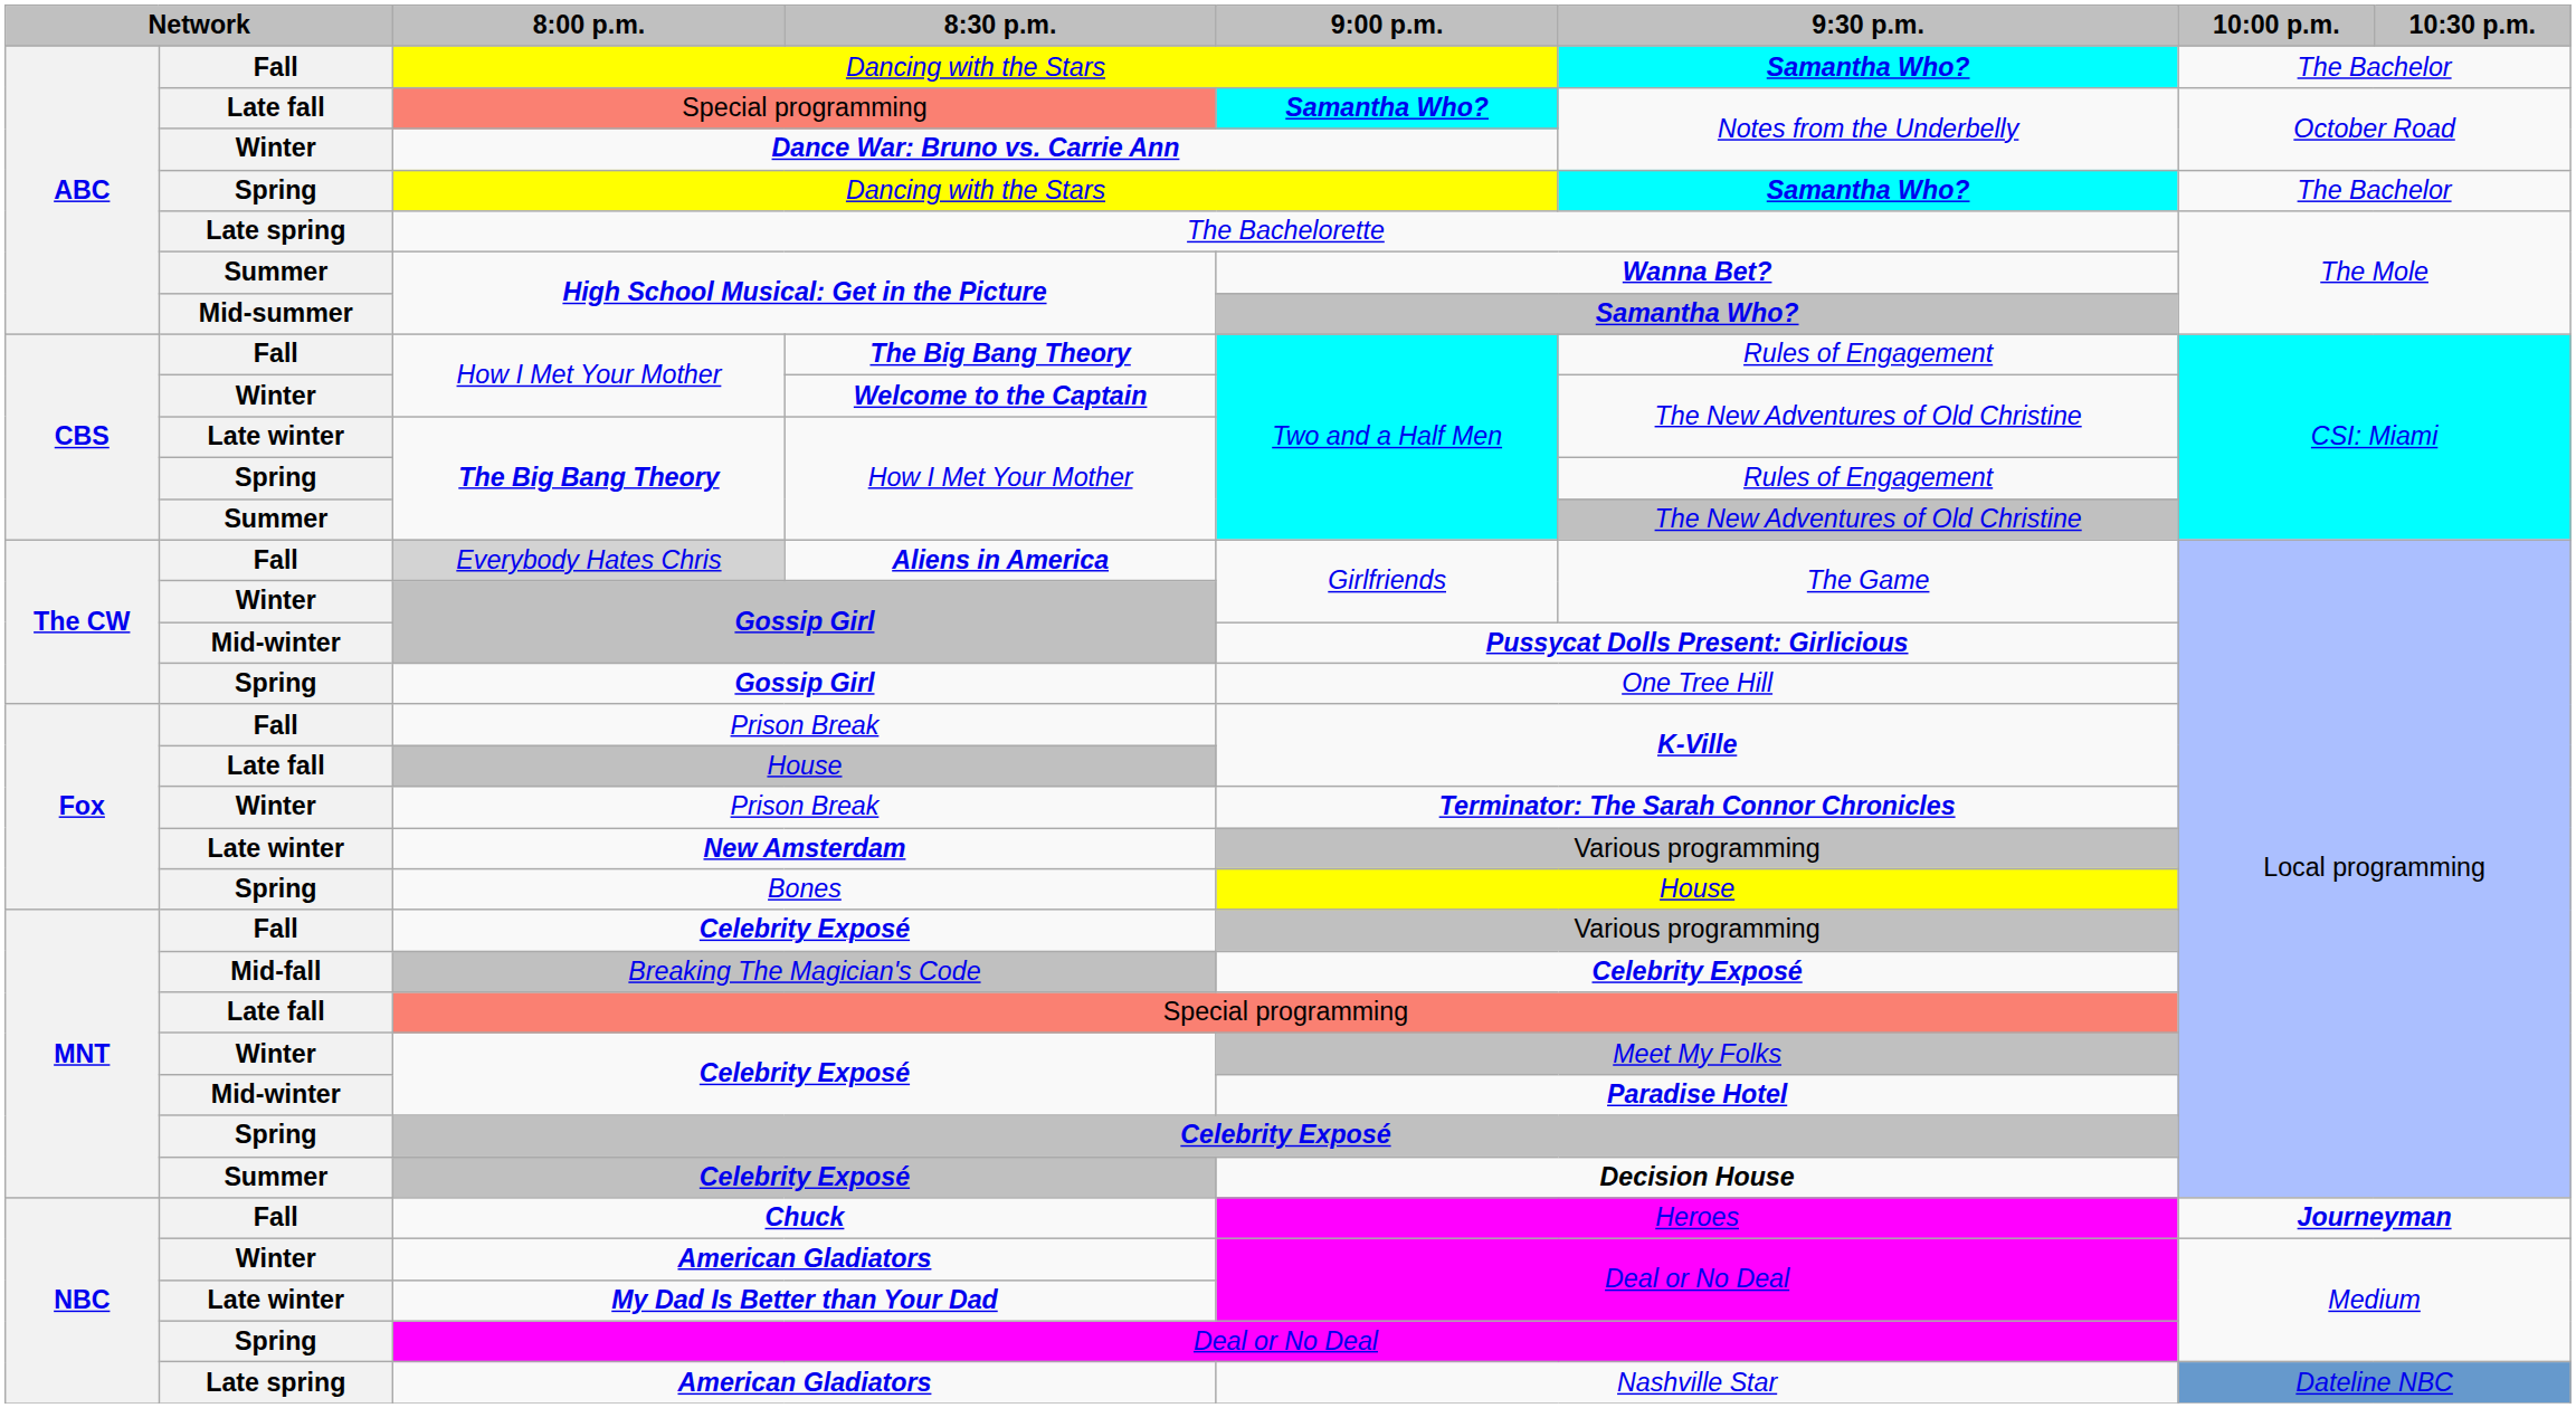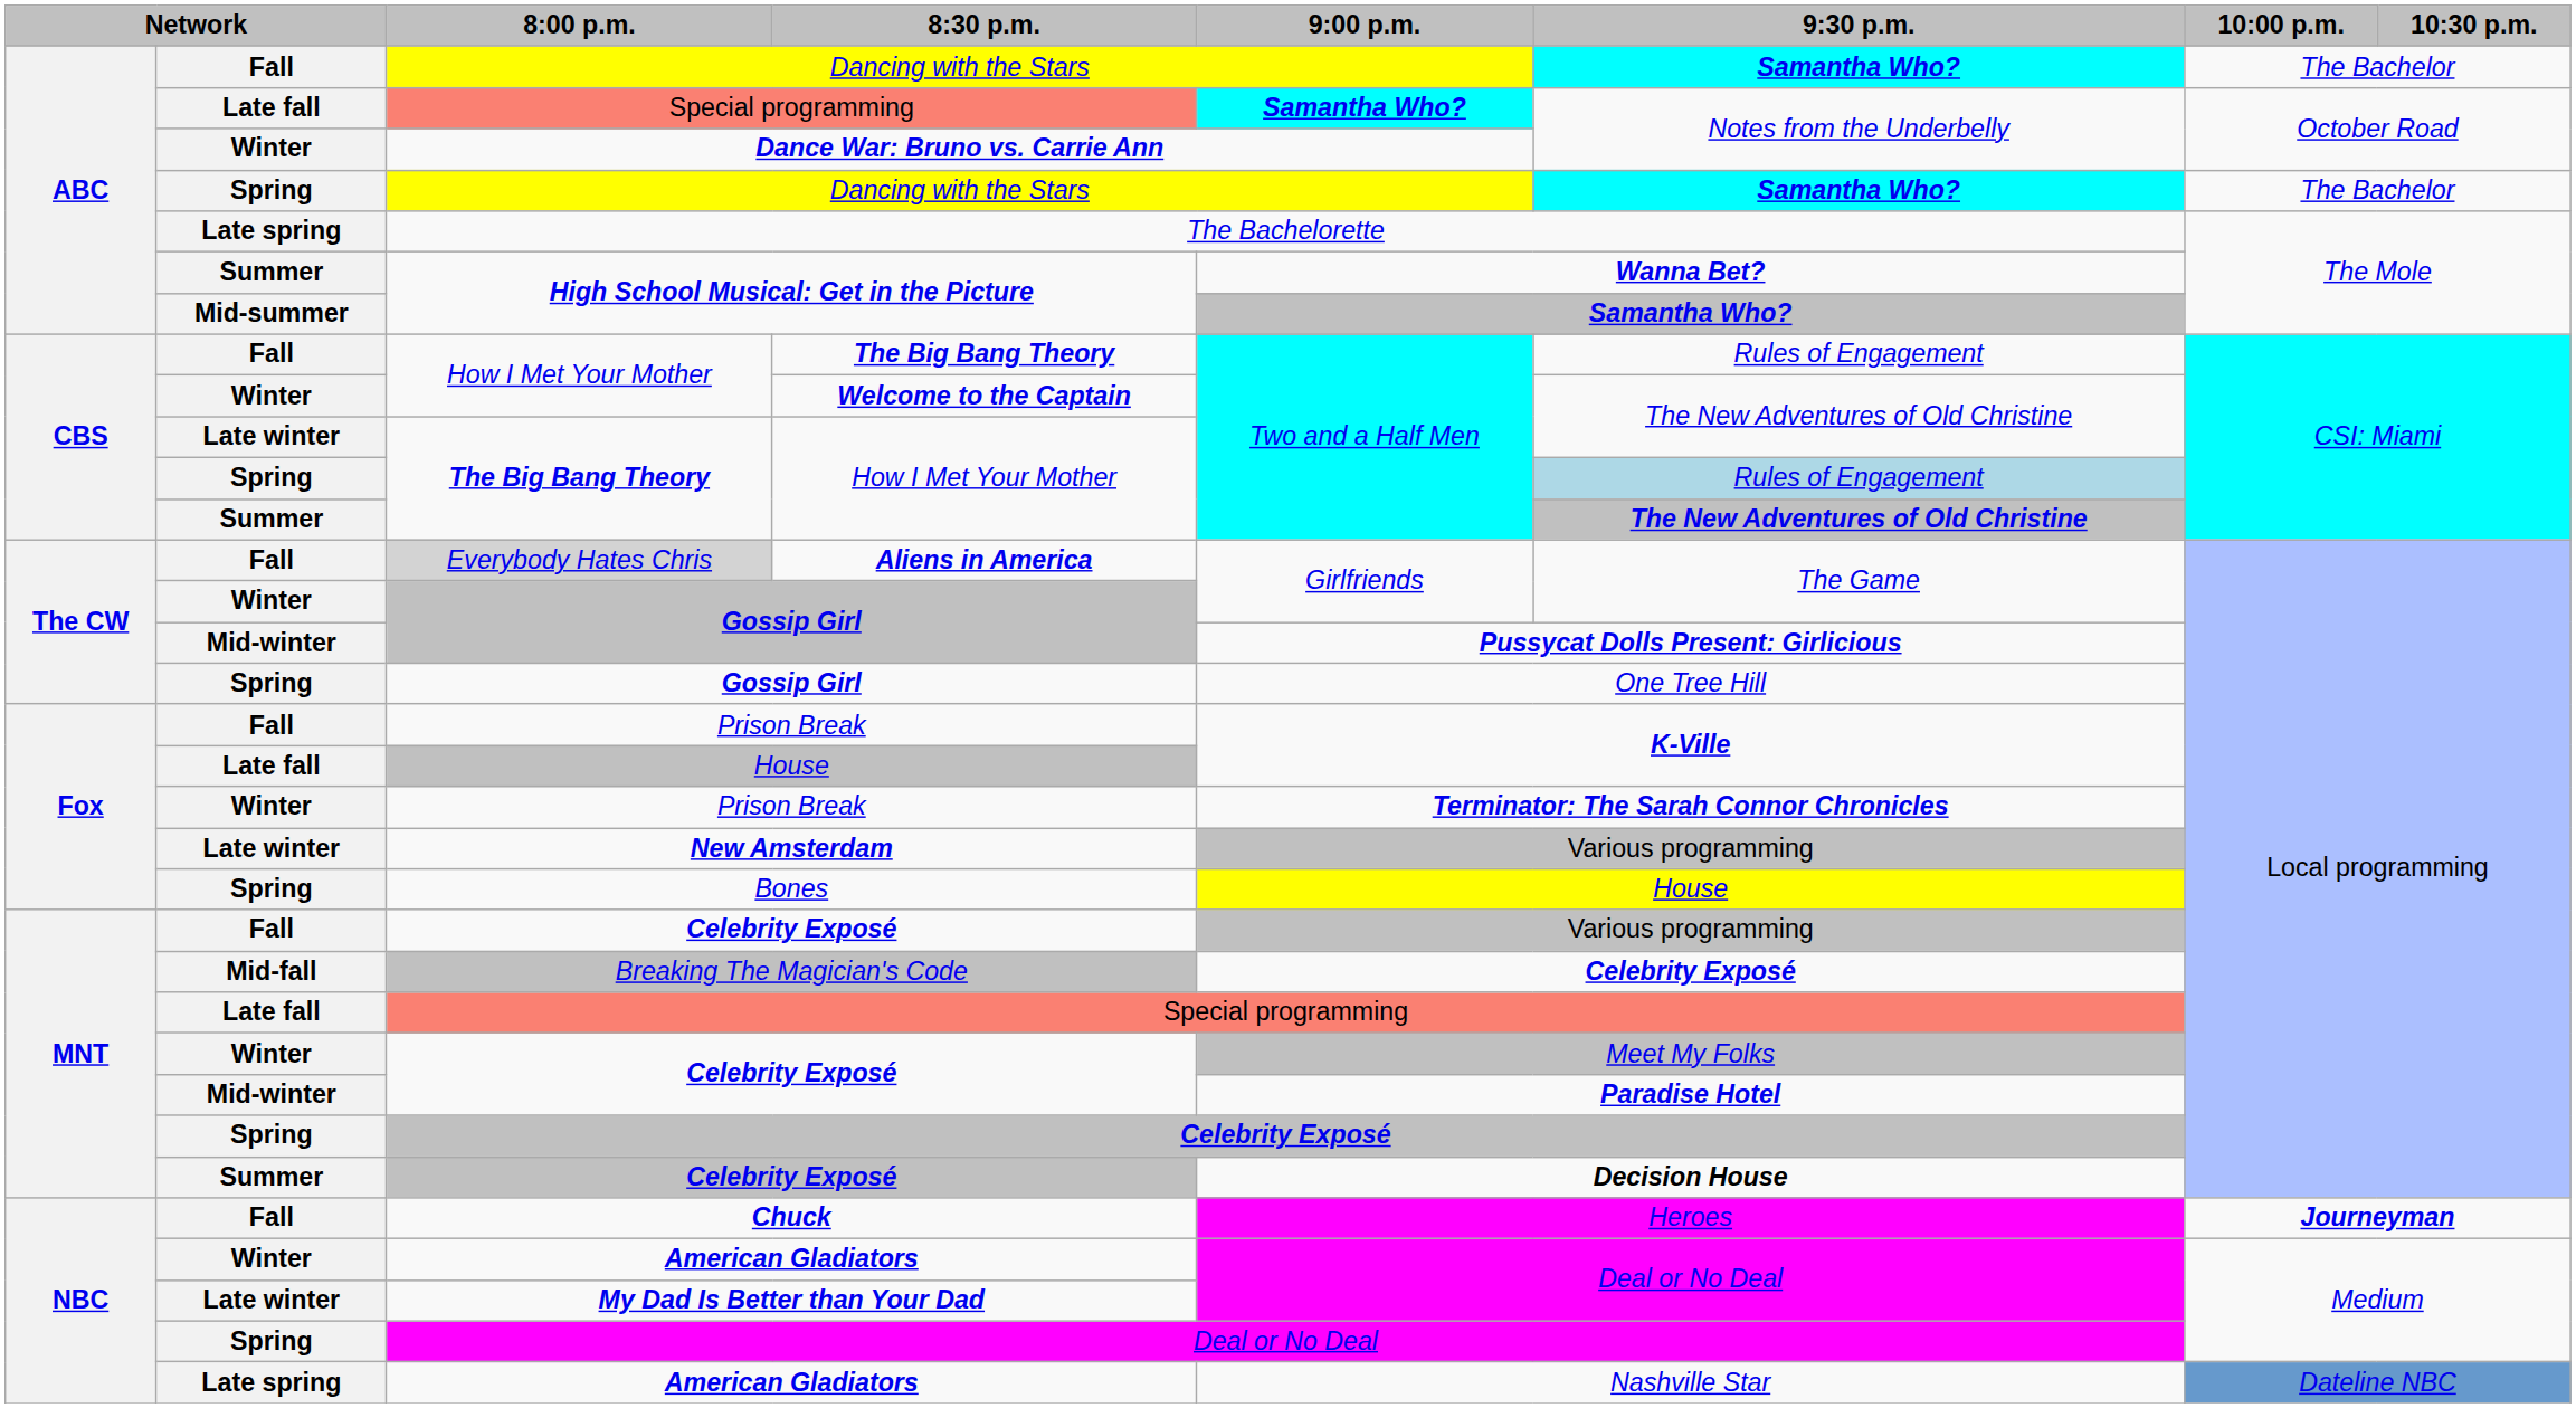 <table class="wikitable" style="width:100%;margin-right:0;text-align:center">
 <tr>
 <th colspan="2" style="background-color:#C0C0C0;text-align:center">Network</th>
 <th style="background-color:#C0C0C0;text-align:center">8:00 p.m.</th>
 <th style="background-color:#C0C0C0;text-align:center">8:30 p.m.</th>
 <th style="background-color:#C0C0C0;text-align:center">9:00 p.m.</th>
 <th style="background-color:#C0C0C0;text-align:center">9:30 p.m.</th>
 <th style="background-color:#C0C0C0;text-align:center">10:00 p.m.</th>
 <th style="background-color:#C0C0C0;text-align:center">10:30 p.m.</th>
 </tr>
 <tr>
 <th rowspan="7"><a href='#'>ABC</a></th>
 <th>Fall</th>
 <td colspan="3" style="background:yellow;"><em><a href='#'>Dancing with the Stars</a></em> </td>
 <td style="background:cyan;"><strong><em><a href='#'>Samantha Who?</a></em></strong> </td>
 <td colspan="2"><em><a href='#'>The Bachelor</a></em></td>
 </tr>
 <tr>
 <th>Late fall</th>
 <td colspan="2" style="background:#Fa8072;">Special programming</td>
 <td style="background:cyan;"><strong><em><a href='#'>Samantha Who?</a></em></strong> </td>
 <td rowspan="2"><em><a href='#'>Notes from the Underbelly</a></em></td>
 <td rowspan="2" colspan="2"><em><a href='#'>October Road</a></em></td>
 </tr>
 <tr>
 <th>Winter</th>
 <td colspan="3"><strong><em><a href='#'>Dance War: Bruno vs. Carrie Ann</a></em></strong></td>
 </tr>
 <tr>
 <th>Spring</th>
 <td colspan="3" style="background:yellow;"><em><a href='#'>Dancing with the Stars</a></em> </td>
 <td style="background:cyan;"><strong><em><a href='#'>Samantha Who?</a></em></strong> </td>
 <td colspan="2"><em><a href='#'>The Bachelor</a></em></td>
 </tr>
 <tr>
 <th>Late spring</th>
 <td colspan="4"><em><a href='#'>The Bachelorette</a></em></td>
 <td colspan="2" rowspan="3"><em><a href='#'>The Mole</a></em></td>
 </tr>
 <tr>
 <th>Summer</th>
 <td colspan="2" rowspan="2"><strong><em><a href='#'>High School Musical: Get in the Picture</a></em></strong></td>
 <td colspan="2"><strong><em><a href='#'>Wanna Bet?</a></em></strong></td>
 </tr>
 <tr>
 <th>Mid-summer</th>
 <td colspan="2" style="background:#C0C0C0;"><strong><em><a href='#'>Samantha Who?</a></em></strong> </td>
 </tr>
 <tr>
 <th rowspan="5"><a href='#'>CBS</a></th>
 <th>Fall</th>
 <td rowspan="2"><em><a href='#'>How I Met Your Mother</a></em></td>
 <td><strong><em><a href='#'>The Big Bang Theory</a></em></strong></td>
 <td rowspan="5" style="background:cyan;"><em><a href='#'>Two and a Half Men</a></em> </td>
 <td><em><a href='#'>Rules of Engagement</a></em></td>
 <td colspan="2" rowspan="5" style="background:cyan;"><em><a href='#'>CSI: Miami</a></em> </td>
 </tr>
 <tr>
 <th>Winter</th>
 <td><strong><em><a href='#'>Welcome to the Captain</a></em></strong></td>
 <td rowspan="2"><em><a href='#'>The New Adventures of Old Christine</a></em></td>
 </tr>
 <tr>
 <th>Late winter</th>
 <td rowspan="3"><strong><em><a href='#'>The Big Bang Theory</a></em></strong></td>
 <td rowspan="3"><em><a href='#'>How I Met Your Mother</a></em></td>
 </tr>
 <tr>
 <th>Spring</th>
-<td><em><a href='#'>Rules of Engagement</a></em></td>
+<td style="background: lightblue;"><em><a href='#'>Rules of Engagement</a></em></td>
 </tr>
 <tr>
 <th>Summer</th>
-<td style="background:#C0C0C0;"><em><a href='#'>The New Adventures of Old Christine</a></em> </td>
+<td style="background:#C0C0C0;"><strong><em><a href='#'>The New Adventures of Old Christine</a></em> </strong></td>
 </tr>
 <tr>
 <th rowspan="4"><a href='#'>The CW</a></th>
 <th>Fall</th>
 <td style="background: lightgrey;"><em><a href='#'>Everybody Hates Chris</a></em></td>
 <td><strong><em><a href='#'>Aliens in America</a></em></strong></td>
 <td rowspan="2"><em><a href='#'>Girlfriends</a></em></td>
 <td rowspan="2"><em><a href='#'>The Game</a></em></td>
 <td style="background:#abbfff;" colspan="2" rowspan="16">Local programming</td>
 </tr>
 <tr>
 <th>Winter</th>
 <td rowspan="2" colspan="2" style="background:#C0C0C0;"><strong><em><a href='#'>Gossip Girl</a></em></strong> </td>
 </tr>
 <tr>
 <th>Mid-winter</th>
 <td colspan="2"><strong><em><a href='#'>Pussycat Dolls Present: Girlicious</a></em></strong></td>
 </tr>
 <tr>
 <th>Spring</th>
 <td Colspan="2"><strong><em><a href='#'>Gossip Girl</a></em></strong></td>
 <td colspan="2"><em><a href='#'>One Tree Hill</a></em></td>
 </tr>
 <tr>
 <th rowspan="5"><a href='#'>Fox</a></th>
 <th>Fall</th>
 <td colspan="2"><em><a href='#'>Prison Break</a></em></td>
 <td colspan="2" rowspan="2"><strong><em><a href='#'>K-Ville</a></em></strong></td>
 </tr>
 <tr>
 <th>Late fall</th>
 <td colspan="2" style="background:#C0C0C0;"><em><a href='#'>House</a></em> </td>
 </tr>
 <tr>
 <th>Winter</th>
 <td colspan="2"><em><a href='#'>Prison Break</a></em></td>
 <td colspan="2"><strong><em><a href='#'>Terminator: The Sarah Connor Chronicles</a></em></strong></td>
 </tr>
 <tr>
 <th>Late winter</th>
 <td colspan="2"><strong><em><a href='#'>New Amsterdam</a></em></strong></td>
 <td colspan="2" style="background:#C0C0C0;">Various programming</td>
 </tr>
 <tr>
 <th>Spring</th>
 <td colspan="2"><em><a href='#'>Bones</a></em></td>
 <td colspan="2" style="background:yellow;"><em><a href='#'>House</a></em> </td>
 </tr>
 <tr>
 <th rowspan="7"><a href='#'>MNT</a></th>
 <th>Fall</th>
 <td colspan="2"><strong><em><a href='#'>Celebrity Exposé</a></em></strong></td>
 <td colspan="2" style="background:#C0C0C0;">Various programming</td>
 </tr>
 <tr>
 <th>Mid-fall</th>
 <td colspan="2" style="background:#C0C0C0;"><em><a href='#'>Breaking The Magician's Code</a></em> </td>
 <td colspan="2"><strong><em><a href='#'>Celebrity Exposé</a></em></strong></td>
 </tr>
 <tr>
 <th>Late fall</th>
 <td colspan="4" style="background:#FA8072;">Special programming</td>
 </tr>
 <tr>
 <th>Winter</th>
 <td colspan="2" rowspan="2"><strong><em><a href='#'>Celebrity Exposé</a></em></strong></td>
 <td colspan="2" style="background:#C0C0C0;"><em><a href='#'>Meet My Folks</a></em> </td>
 </tr>
 <tr>
 <th>Mid-winter</th>
 <td colspan="2"><strong><em><a href='#'>Paradise Hotel</a></em></strong></td>
 </tr>
 <tr>
 <th>Spring</th>
 <td colspan="4" style="background:#C0C0C0;"><strong><em><a href='#'>Celebrity Exposé</a></em></strong> </td>
 </tr>
 <tr>
 <th>Summer</th>
 <td colspan="2" style="background:#C0C0C0;"><strong><em><a href='#'>Celebrity Exposé</a></em></strong> </td>
 <td colspan="2"><strong><em>Decision House</em></strong></td>
 </tr>
 <tr>
 <th rowspan="8"><a href='#'>NBC</a></th>
 <th>Fall</th>
 <td colspan="2"><strong><em><a href='#'>Chuck</a></em></strong></td>
 <td colspan="2" style="background:magenta;"><em><a href='#'>Heroes</a></em> </td>
 <td colspan="2"><strong><em><a href='#'>Journeyman</a></em></strong></td>
 </tr>
 <tr>
 <th>Winter</th>
 <td colspan="2"><strong><em><a href='#'>American Gladiators</a></em></strong></td>
 <td colspan="2" rowspan="2" style="background:magenta;"><em><a href='#'>Deal or No Deal</a></em> </td>
 <td colspan="2" rowspan="3"><em><a href='#'>Medium</a></em></td>
 </tr>
 <tr>
 <th>Late winter</th>
 <td colspan="2"><strong><em><a href='#'>My Dad Is Better than Your Dad</a></em></strong></td>
 </tr>
 <tr>
 <th>Spring</th>
 <td colspan="4" style="background:magenta;"><em><a href='#'>Deal or No Deal</a></em> </td>
 </tr>
 <tr>
 <th>Late spring</th>
 <td colspan="2"><strong><em><a href='#'>American Gladiators</a></em></strong></td>
 <td colspan="2"><em><a href='#'>Nashville Star</a></em></td>
 <td style="background:#6699CC;" colspan="2"><em><a href='#'>Dateline NBC</a></em></td>
 </tr>
 </table>
